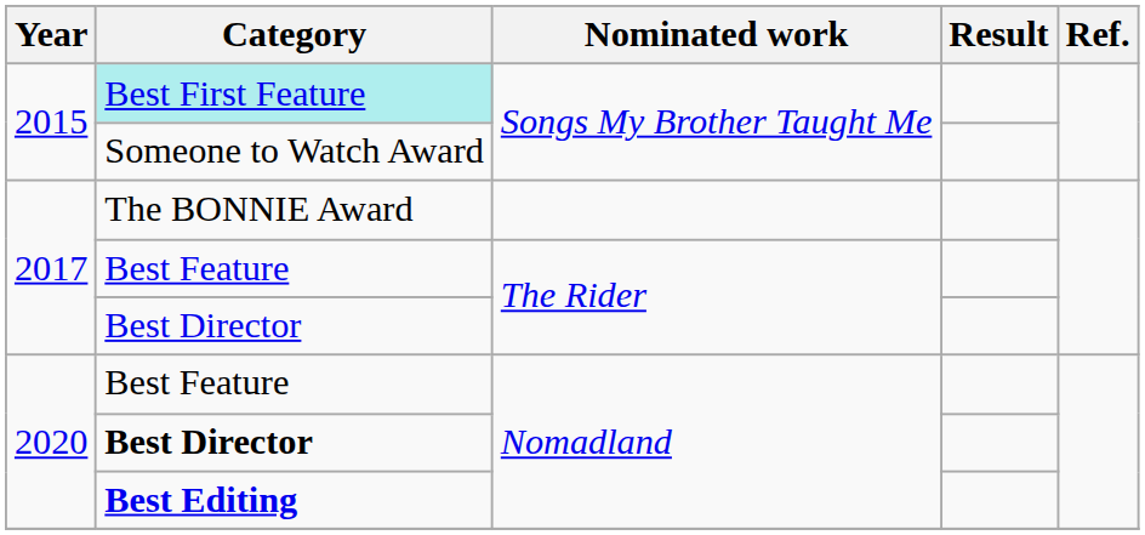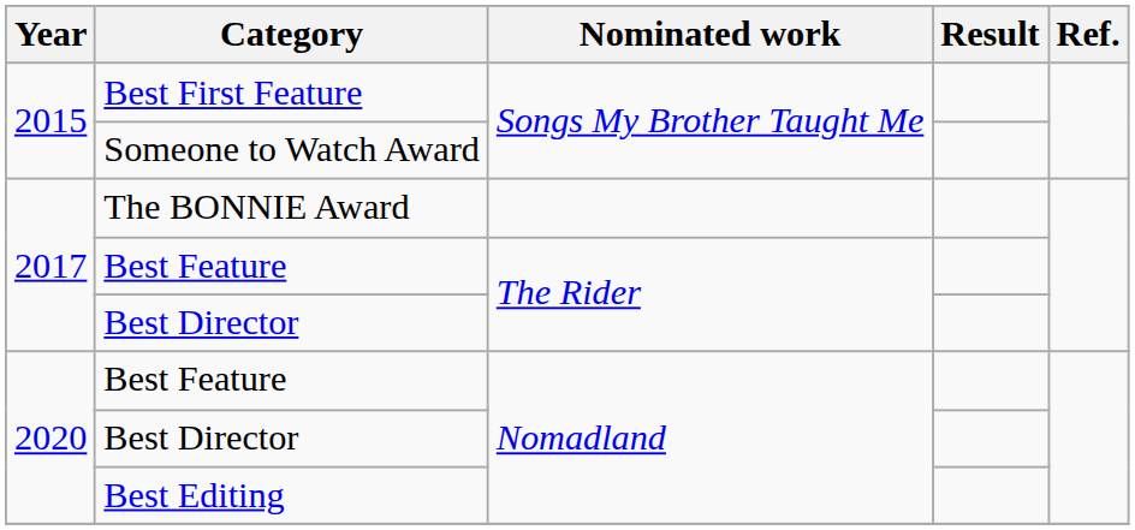 <table class="wikitable">
 <tr>
 <th>Year</th>
 <th>Category</th>
 <th>Nominated work</th>
 <th>Result</th>
 <th>Ref.</th>
 </tr>
 <tr>
 <td rowspan="2"><a href='#'>2015</a></td>
-<td style="background: paleturquoise;"><a href='#'>Best First Feature</a></td>
+<td><a href='#'>Best First Feature</a></td>
 <td rowspan=2><em><a href='#'>Songs My Brother Taught Me</a></em></td>
 <td></td>
 <td rowspan=2></td>
 </tr>
 <tr>
 <td>Someone to Watch Award</td>
 <td></td>
 </tr>
 <tr>
 <td rowspan=3><a href='#'>2017</a></td>
 <td>The BONNIE Award</td>
 <td></td>
 <td></td>
 <td rowspan=3></td>
 </tr>
 <tr>
 <td><a href='#'>Best Feature</a></td>
 <td rowspan=2><em><a href='#'>The Rider</a></em></td>
 <td></td>
 </tr>
 <tr>
 <td><a href='#'>Best Director</a></td>
 <td></td>
 </tr>
 <tr>
 <td rowspan=3><a href='#'>2020</a></td>
 <td>Best Feature</td>
 <td rowspan=3><em><a href='#'>Nomadland</a></em></td>
 <td></td>
 <td rowspan=3></td>
 </tr>
 <tr>
-<td><strong>Best Director</strong></td>
+<td>Best Director</td>
 <td></td>
 </tr>
 <tr>
-<td><strong><a href='#'>Best Editing</a></strong></td>
+<td><a href='#'>Best Editing</a></td>
 <td></td>
 </tr>
 <tr>
 </tr>
 </table>
